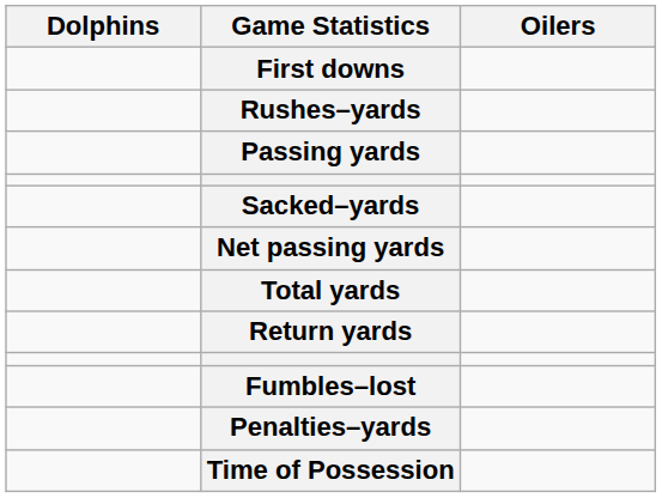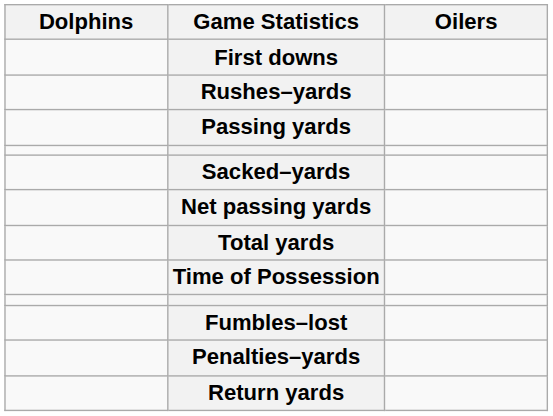 <table class="wikitable" style="margin: 1em auto 1em auto">
 <tr>
 <th style="width:30%;">Dolphins</th>
 <th style="width:40%;">Game Statistics</th>
 <th style="width:30%;">Oilers</th>
 </tr>
 <tr>
 <td style="text-align:right;"></td>
 <th>First downs</th>
 <td></td>
 </tr>
 <tr>
 <td style="text-align:right;"></td>
 <th>Rushes–yards</th>
 <td></td>
 </tr>
 <tr>
 <td style="text-align:right;"></td>
 <th>Passing yards</th>
 <td></td>
 </tr>
 <tr>
 <td style="text-align:right;"></td>
 <th></th>
 <td></td>
 </tr>
 <tr>
 <td style="text-align:right;"></td>
 <th>Sacked–yards</th>
 <td></td>
 </tr>
 <tr>
 <td style="text-align:right;"></td>
 <th>Net passing yards</th>
 <td></td>
 </tr>
 <tr>
 <td style="text-align:right;"></td>
 <th>Total yards</th>
 <td></td>
 </tr>
 <tr>
 <td style="text-align:right;"></td>
-<th>Return yards</th>
+<th>Time of Possession</th>
 <td></td>
 </tr>
 <tr>
 <td style="text-align:right;"></td>
 <th></th>
 <td></td>
 </tr>
 <tr>
 <td style="text-align:right;"></td>
 <th>Fumbles–lost</th>
 <td></td>
 </tr>
 <tr>
 <td style="text-align:right;"></td>
 <th>Penalties–yards</th>
 <td></td>
 </tr>
 <tr>
 <td style="text-align:right;"></td>
-<th>Time of Possession</th>
+<th>Return yards</th>
 <td></td>
 </tr>
 </table>
